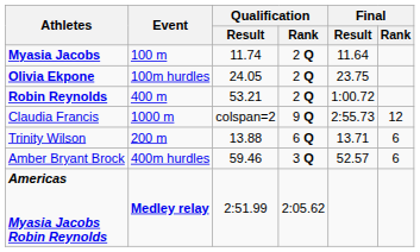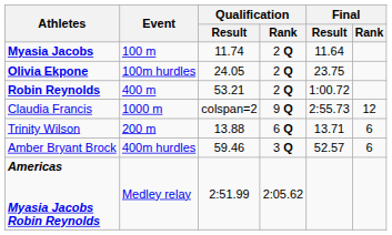 <table class=wikitable style=font-size:90%;text-align:center>
 <tr>
 <th rowspan=2>Athletes</th>
 <th rowspan=2>Event</th>
 <th colspan=2>Qualification</th>
 <th colspan=2>Final</th>
 </tr>
 <tr style=font-size:95%>
 <th>Result</th>
 <th>Rank</th>
 <th>Result</th>
 <th>Rank</th>
 </tr>
 <tr>
 <td align=left><strong><a href='#'>Myasia Jacobs</a></strong></td>
 <td align=left><a href='#'>100 m</a></td>
 <td>11.74</td>
 <td>2 <strong>Q</strong></td>
 <td>11.64</td>
 <td></td>
 </tr>
 <tr>
 <td align=left><strong><a href='#'>Olivia Ekpone</a></strong></td>
 <td align=left><a href='#'>100m hurdles</a></td>
 <td>24.05</td>
 <td>2 <strong>Q</strong></td>
 <td>23.75</td>
 <td></td>
 </tr>
 <tr>
 <td align=left><strong><a href='#'>Robin Reynolds</a></strong></td>
 <td align=left><a href='#'>400 m</a></td>
 <td>53.21</td>
 <td>2 <strong>Q</strong></td>
 <td>1:00.72</td>
 <td></td>
 </tr>
 <tr>
 <td align=left><a href='#'>Claudia Francis</a></td>
 <td align=left><a href='#'>1000 m</a></td>
 <td>colspan=2 </td>
 <td>9 <strong>Q</strong></td>
 <td>2:55.73</td>
 <td>12</td>
 </tr>
 <tr>
 <td align=left><a href='#'>Trinity Wilson</a></td>
 <td align=left><a href='#'>200 m</a></td>
 <td>13.88</td>
 <td>6 <strong>Q</strong></td>
 <td>13.71</td>
 <td>6</td>
 </tr>
 <tr>
 <td align=left><a href='#'>Amber Bryant Brock</a></td>
 <td a;ign=left><a href='#'>400m hurdles</a></td>
 <td>59.46</td>
 <td>3 <strong>Q</strong></td>
 <td>52.57</td>
 <td>6</td>
 </tr>
 <tr>
 <td align=left><strong><em>Americas<em><br><br><br><a href='#'>Myasia Jacobs</a><br><a href='#'>Robin Reynolds</a><strong></td>
-<td align=left><strong><a href='#'>Medley relay</a></strong></td>
+<td align=left><a href='#'>Medley relay</a></td>
 <td>2:51.99</td>
 <td>2:05.62</td>
 <td></td>
 </tr>
 </table>
